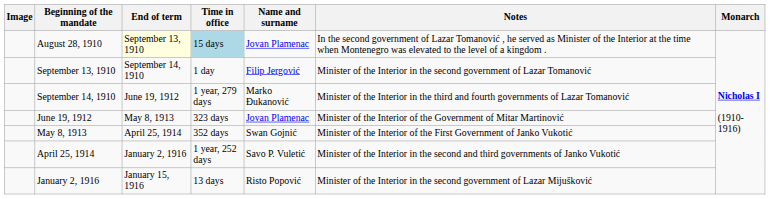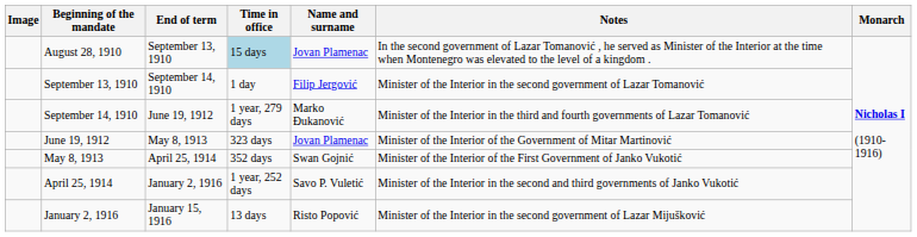 <table class="wikitable">
 <tr>
 <th>Image</th>
 <th>Beginning of the mandate</th>
 <th>End of term</th>
 <th>Time in office</th>
 <th>Name and surname</th>
 <th>Notes</th>
 <th>Monarch</th>
 </tr>
 <tr>
 <td></td>
 <td>August 28, 1910</td>
-<td style="background: lightyellow;">September 13, 1910</td>
+<td>September 13, 1910</td>
 <td style="background: lightblue;">15 days</td>
 <td><a href='#'>Jovan Plamenac</a></td>
 <td>In the second government of Lazar Tomanović , he served as Minister of the Interior at the time when Montenegro was elevated to the level of a kingdom .</td>
 <td rowspan="7"><strong><a href='#'>Nicholas I</a></strong><br><br>(1910-1916)</td>
 </tr>
 <tr>
 <td></td>
 <td>September 13, 1910</td>
 <td>September 14, 1910</td>
 <td>1 day</td>
 <td><a href='#'>Filip Jergović</a></td>
 <td>Minister of the Interior in the second government of Lazar Tomanović</td>
 </tr>
 <tr>
 <td></td>
 <td>September 14, 1910</td>
 <td>June 19, 1912</td>
 <td>1 year, 279 days</td>
 <td>Marko Đukanović</td>
 <td>Minister of the Interior in the third and fourth governments of Lazar Tomanović</td>
 </tr>
 <tr>
 <td></td>
 <td>June 19, 1912</td>
 <td>May 8, 1913</td>
 <td>323 days</td>
 <td><a href='#'>Jovan Plamenac</a></td>
 <td>Minister of the Interior of the Government of Mitar Martinović</td>
 </tr>
 <tr>
 <td></td>
 <td>May 8, 1913</td>
 <td>April 25, 1914</td>
 <td>352 days</td>
 <td>Swan Gojnić</td>
 <td>Minister of the Interior of the First Government of Janko Vukotić</td>
 </tr>
 <tr>
 <td></td>
 <td>April 25, 1914</td>
 <td>January 2, 1916</td>
 <td>1 year, 252 days</td>
 <td>Savo P. Vuletić</td>
 <td>Minister of the Interior in the second and third governments of Janko Vukotić</td>
 </tr>
 <tr>
 <td></td>
 <td>January 2, 1916</td>
 <td>January 15, 1916</td>
 <td>13 days</td>
 <td>Risto Popović</td>
 <td>Minister of the Interior in the second government of Lazar Mijušković</td>
 </tr>
 </table>
